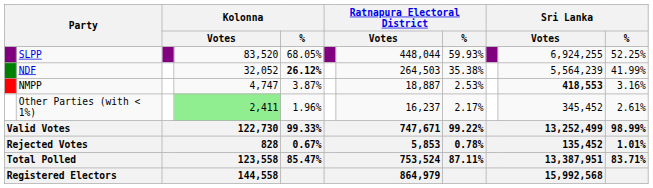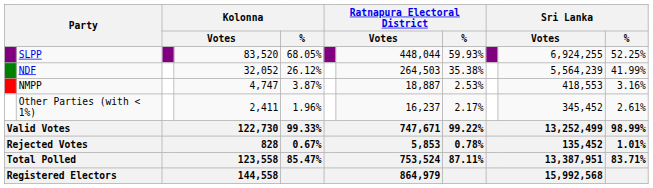 <table class="wikitable">
 <tr>
 <th colspan="2" width="144px"rowspan="2">Party</th>
 <th colspan="3" width="216px">Kolonna</th>
 <th colspan="3" width="216px"><a href='#'>Ratnapura Electoral District</a></th>
 <th colspan="3" width="216px">Sri Lanka</th>
 </tr>
 <tr>
 <th colspan="2" width="144px">Votes</th>
 <th>%</th>
 <th colspan="2" width="144px">Votes</th>
 <th>%</th>
 <th colspan="2" width="144px">Votes</th>
 <th>%</th>
 </tr>
 <tr>
 <td style="background-color:purple;" width="10px"></td>
 <td style="text-align:left;"><a href='#'>SLPP</a></td>
 <td style="background-color:purple;" width="10px"></td>
 <td style="text-align:right;">83,520</td>
 <td style="text-align:right;">68.05%</td>
 <td style="background-color:purple;" width="10px"></td>
 <td style="text-align:right;">448,044</td>
 <td style="text-align:right;">59.93%</td>
 <td style="background-color:purple;" width="10px"></td>
 <td style="text-align:right;">6,924,255</td>
 <td style="text-align:right;">52.25%</td>
 </tr>
 <tr>
 <td style="background-color:green;" width="10px"></td>
 <td style="text-align:left;"><a href='#'>NDF</a></td>
 <td style="background-color:white;" width="10px"></td>
 <td style="text-align:right;">32,052</td>
-<td style="text-align:right;"><strong>26.12%</strong></td>
+<td style="text-align:right;">26.12%</td>
 <td style="background-color:white;" width="10px"></td>
 <td style="text-align:right;">264,503</td>
 <td style="text-align:right;">35.38%</td>
 <td style="background-color:white;" width="10px"></td>
 <td style="text-align:right;">5,564,239</td>
 <td style="text-align:right;">41.99%</td>
 </tr>
 <tr>
 <td style="background-color:red;" width="10px"></td>
 <td style="text-align:left;">NMPP</td>
 <td style="background-color:white;" width="10px"></td>
 <td style="text-align:right;">4,747</td>
 <td style="text-align:right;">3.87%</td>
 <td style="background-color:white;" width="10px"></td>
 <td style="text-align:right;">18,887</td>
 <td style="text-align:right;">2.53%</td>
 <td style="background-color:white;" width="10px"></td>
-<td style="text-align:right;"><strong>418,553</strong></td>
+<td style="text-align:right;">418,553</td>
 <td style="text-align:right;">3.16%</td>
 </tr>
 <tr>
 <td style="background-color:white;" width="10px"></td>
 <td style="text-align:left;">Other Parties (with < 1%)</td>
 <td style="background-color:white;" width="10px"></td>
-<td style="background: lightgreen; text-align:right;">2,411</td>
+<td style="text-align:right;">2,411</td>
 <td style="text-align:right;">1.96%</td>
 <td style="background-color:white;" width="10px"></td>
 <td style="text-align:right;">16,237</td>
 <td style="text-align:right;">2.17%</td>
 <td style="background-color:white;" width="10px"></td>
 <td style="text-align:right;">345,452</td>
 <td style="text-align:right;">2.61%</td>
 </tr>
 <tr>
 <th colspan="2" width="144px"style="text-align:left;">Valid Votes</th>
 <th style="text-align:right;"colspan="2" width="144px">122,730</th>
 <th style="text-align:right;">99.33%</th>
 <th style="text-align:right;"colspan="2" width="144px">747,671</th>
 <th style="text-align:right;">99.22%</th>
 <th style="text-align:right;"colspan="2" width="144px">13,252,499</th>
 <th style="text-align:right;">98.99%</th>
 </tr>
 <tr>
 <th colspan="2" width="144px"style="text-align:left;">Rejected Votes</th>
 <th style="text-align:right;"colspan="2" width="144px">828</th>
 <th style="text-align:right;">0.67%</th>
 <th style="text-align:right;"colspan="2" width="144px">5,853</th>
 <th style="text-align:right;">0.78%</th>
 <th style="text-align:right;"colspan="2" width="144px">135,452</th>
 <th style="text-align:right;">1.01%</th>
 </tr>
 <tr>
 <th colspan="2" width="144px"style="text-align:left;">Total Polled</th>
 <th style="text-align:right;"colspan="2" width="144px">123,558</th>
 <th style="text-align:right;">85.47%</th>
 <th style="text-align:right;"colspan="2" width="144px">753,524</th>
 <th style="text-align:right;">87.11%</th>
 <th style="text-align:right;"colspan="2" width="144px">13,387,951</th>
 <th style="text-align:right;">83.71%</th>
 </tr>
 <tr>
 <th colspan="2" width="144px"style="text-align:left;">Registered Electors</th>
 <th style="text-align:right;"colspan="2" width="144px">144,558</th>
 <th></th>
 <th style="text-align:right;"colspan="2" width="144px">864,979</th>
 <th></th>
 <th style="text-align:right;"colspan="2" width="144px">15,992,568</th>
 <th></th>
 </tr>
 </table>
